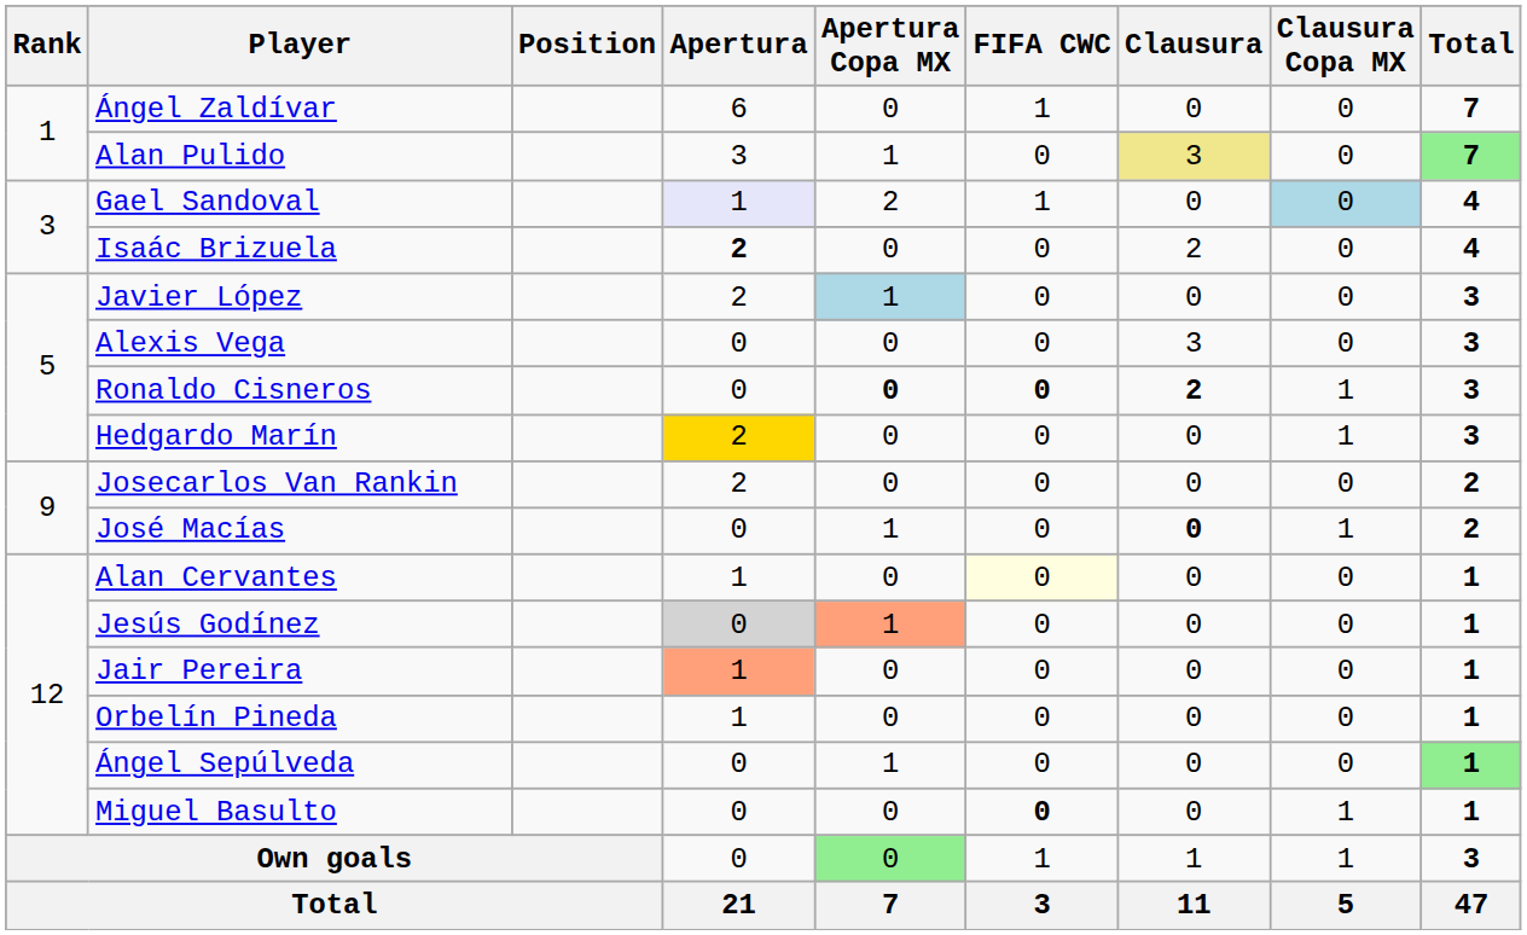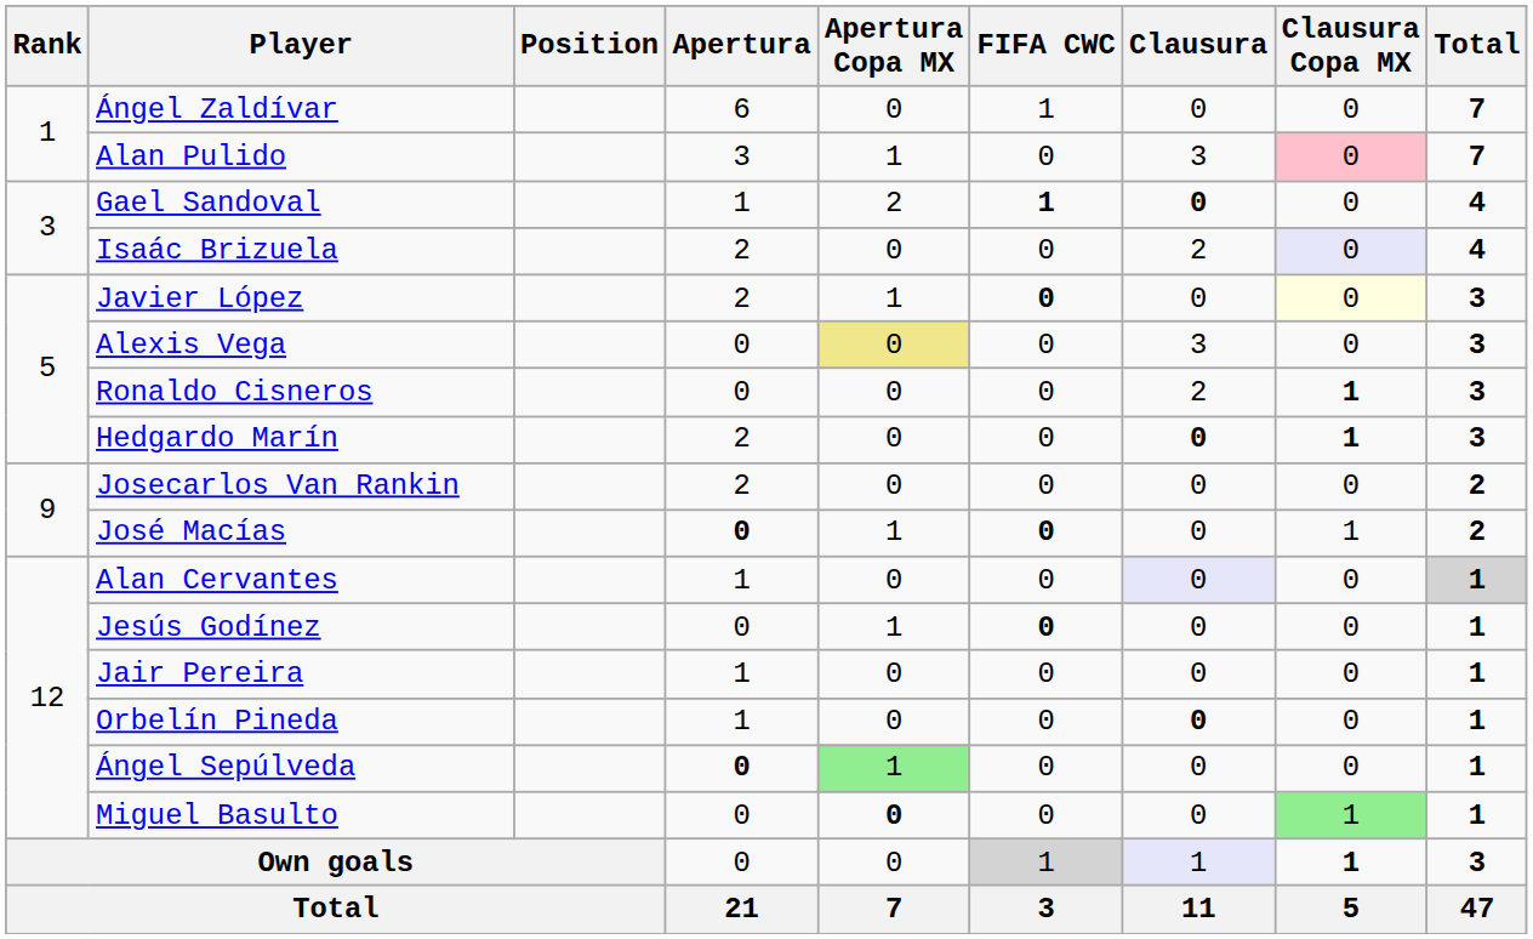 <table class="wikitable">
 <tr>
 <th>Rank</th>
 <th style="width:185px;">Player</th>
 <th>Position</th>
 <th>Apertura</th>
 <th>Apertura<br>Copa MX</th>
 <th>FIFA CWC</th>
 <th>Clausura</th>
 <th>Clausura<br>Copa MX</th>
 <th>Total</th>
 </tr>
 <tr>
 <td align=center rowspan=2>1</td>
 <td> <a href='#'>Ángel Zaldívar</a></td>
 <td align=center></td>
 <td align=center>6</td>
 <td align=center>0</td>
 <td align=center>1</td>
 <td align=center>0</td>
 <td align=center>0</td>
 <td align=center><strong>7</strong></td>
 </tr>
 <tr>
 <td> <a href='#'>Alan Pulido</a></td>
 <td align=center></td>
 <td align=center>3</td>
 <td align=center>1</td>
 <td align=center>0</td>
-<td align=center style="background: khaki;">3</td>
-<td align=center>0</td>
-<td align=center style="background: lightgreen;"><strong>7</strong></td>
+<td align=center>3</td>
+<td align=center style="background: pink;">0</td>
+<td align=center><strong>7</strong></td>
 </tr>
 <tr>
 <td align=center rowspan=2>3</td>
 <td> <a href='#'>Gael Sandoval</a></td>
 <td align=center></td>
-<td align=center style="background: lavender;">1</td>
+<td align=center>1</td>
 <td align=center>2</td>
-<td align=center>1</td>
+<td align=center><strong>1</strong></td>
+<td align=center><strong>0</strong></td>
 <td align=center>0</td>
-<td align=center style="background: lightblue;">0</td>
 <td align=center><strong>4</strong></td>
 </tr>
 <tr>
 <td> <a href='#'>Isaác Brizuela</a></td>
 <td align=center></td>
-<td align=center><strong>2</strong></td>
+<td align=center>2</td>
 <td align=center>0</td>
 <td align=center>0</td>
 <td align=center>2</td>
-<td align=center>0</td>
+<td align=center style="background: lavender;">0</td>
 <td align=center><strong>4</strong></td>
 </tr>
 <tr>
 <td align=center rowspan=4>5</td>
 <td> <a href='#'>Javier López</a></td>
 <td align=center></td>
 <td align=center>2</td>
-<td align=center style="background: lightblue;">1</td>
+<td align=center>1</td>
+<td align=center><strong>0</strong></td>
 <td align=center>0</td>
-<td align=center>0</td>
-<td align=center>0</td>
+<td align=center style="background: lightyellow;">0</td>
 <td align=center><strong>3</strong></td>
 </tr>
 <tr>
 <td> <a href='#'>Alexis Vega</a></td>
 <td align=center></td>
 <td align=center>0</td>
-<td align=center>0</td>
+<td align=center style="background: khaki;">0</td>
 <td align=center>0</td>
 <td align=center>3</td>
 <td align=center>0</td>
 <td align=center><strong>3</strong></td>
 </tr>
 <tr>
 <td> <a href='#'>Ronaldo Cisneros</a></td>
 <td align=center></td>
 <td align=center>0</td>
-<td align=center><strong>0</strong></td>
-<td align=center><strong>0</strong></td>
-<td align=center><strong>2</strong></td>
-<td align=center>1</td>
+<td align=center>0</td>
+<td align=center>0</td>
+<td align=center>2</td>
+<td align=center><strong>1</strong></td>
 <td align=center><strong>3</strong></td>
 </tr>
 <tr>
 <td> <a href='#'>Hedgardo Marín</a></td>
 <td align=center></td>
-<td align=center style="background: gold;">2</td>
+<td align=center>2</td>
 <td align=center>0</td>
 <td align=center>0</td>
-<td align=center>0</td>
-<td align=center>1</td>
+<td align=center><strong>0</strong></td>
+<td align=center><strong>1</strong></td>
 <td align=center><strong>3</strong></td>
 </tr>
 <tr>
 <td align=center rowspan=2>9</td>
 <td> <a href='#'>Josecarlos Van Rankin</a></td>
 <td align=center></td>
 <td align=center>2</td>
 <td align=center>0</td>
 <td align=center>0</td>
 <td align=center>0</td>
 <td align=center>0</td>
 <td align=center><strong>2</strong></td>
 </tr>
 <tr>
 <td> <a href='#'>José Macías</a></td>
 <td align=center></td>
+<td align=center><strong>0</strong></td>
+<td align=center>1</td>
+<td align=center><strong>0</strong></td>
 <td align=center>0</td>
-<td align=center>1</td>
-<td align=center>0</td>
-<td align=center><strong>0</strong></td>
 <td align=center>1</td>
 <td align=center><strong>2</strong></td>
 </tr>
 <tr>
 <td align=center rowspan=6>12</td>
 <td> <a href='#'>Alan Cervantes</a></td>
 <td align=center></td>
 <td align=center>1</td>
 <td align=center>0</td>
-<td align=center style="background: lightyellow;">0</td>
 <td align=center>0</td>
+<td align=center style="background: lavender;">0</td>
 <td align=center>0</td>
-<td align=center><strong>1</strong></td>
+<td align=center style="background: lightgrey;"><strong>1</strong></td>
 </tr>
 <tr>
 <td> <a href='#'>Jesús Godínez</a></td>
 <td align=center></td>
-<td align=center style="background: lightgrey;">0</td>
-<td align=center style="background: lightsalmon;">1</td>
 <td align=center>0</td>
+<td align=center>1</td>
+<td align=center><strong>0</strong></td>
 <td align=center>0</td>
 <td align=center>0</td>
 <td align=center><strong>1</strong></td>
 </tr>
 <tr>
 <td> <a href='#'>Jair Pereira</a></td>
 <td align=center></td>
-<td align=center style="background: lightsalmon;">1</td>
+<td align=center>1</td>
 <td align=center>0</td>
 <td align=center>0</td>
 <td align=center>0</td>
 <td align=center>0</td>
 <td align=center><strong>1</strong></td>
 </tr>
 <tr>
 <td> <a href='#'>Orbelín Pineda</a></td>
 <td align=center></td>
 <td align=center>1</td>
 <td align=center>0</td>
 <td align=center>0</td>
-<td align=center>0</td>
+<td align=center><strong>0</strong></td>
 <td align=center>0</td>
 <td align=center><strong>1</strong></td>
 </tr>
 <tr>
 <td> <a href='#'>Ángel Sepúlveda</a></td>
 <td align=center></td>
-<td align=center>0</td>
-<td align=center>1</td>
+<td align=center><strong>0</strong></td>
+<td align=center style="background: lightgreen;">1</td>
 <td align=center>0</td>
 <td align=center>0</td>
 <td align=center>0</td>
-<td align=center style="background: lightgreen;"><strong>1</strong></td>
+<td align=center><strong>1</strong></td>
 </tr>
 <tr>
 <td> <a href='#'>Miguel Basulto</a></td>
 <td align=center></td>
 <td align=center>0</td>
-<td align=center>0</td>
 <td align=center><strong>0</strong></td>
 <td align=center>0</td>
-<td align=center>1</td>
+<td align=center>0</td>
+<td align=center style="background: lightgreen;">1</td>
 <td align=center><strong>1</strong></td>
 </tr>
 <tr>
 <th align=center colspan=3>Own goals</th>
 <td align=center>0</td>
-<td align=center style="background: lightgreen;">0</td>
-<td align=center>1</td>
-<td align=center>1</td>
-<td align=center>1</td>
+<td align=center>0</td>
+<td align=center style="background: lightgrey;">1</td>
+<td align=center style="background: lavender;">1</td>
+<td align=center><strong>1</strong></td>
 <td align=center><strong>3</strong></td>
 </tr>
 <tr>
 <th align=center colspan=3>Total</th>
 <th align=center>21</th>
 <th align=center>7</th>
 <th align=center>3</th>
 <th align=center>11</th>
 <th align=center>5</th>
 <th align=center>47</th>
 </tr>
 </table>
